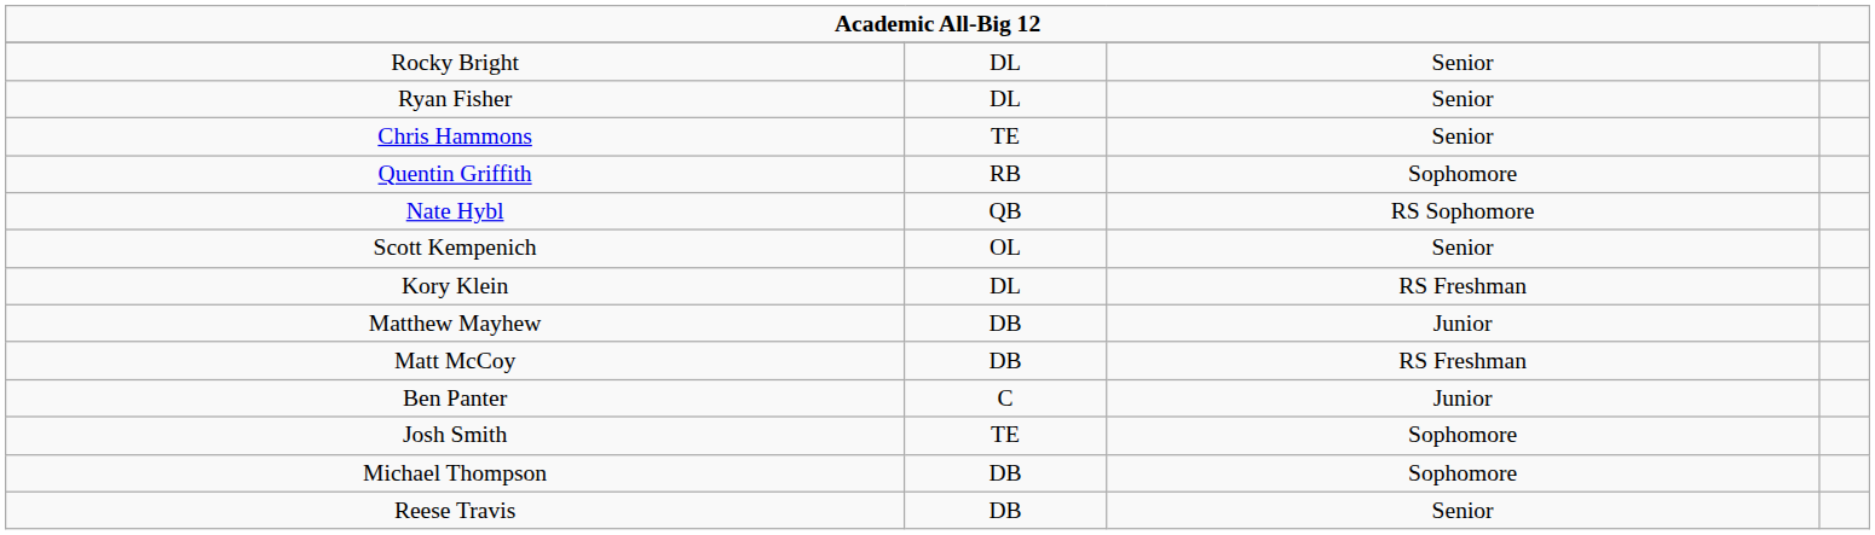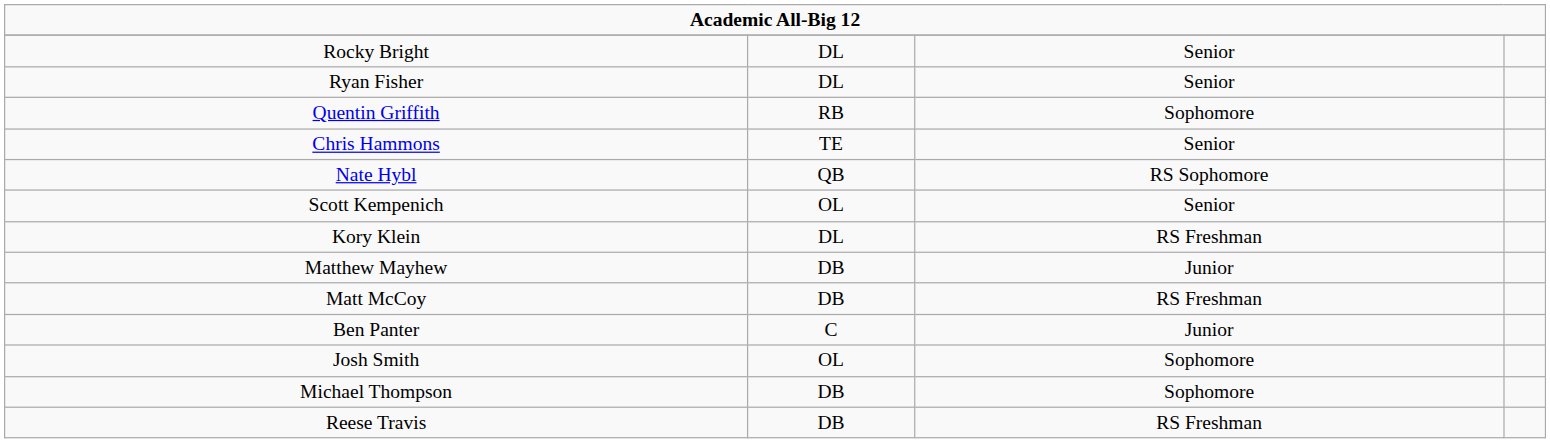 <table class="wikitable" style="width:100%;text-align: center;">
 <tr>
 <td colspan=4><strong>Academic All-Big 12</strong></td>
 </tr>
 <tr>
 </tr>
 <tr align="center">
 <td>Rocky Bright</td>
 <td>DL</td>
 <td>Senior</td>
 <td></td>
 </tr>
 <tr align="center">
 <td>Ryan Fisher</td>
 <td>DL</td>
 <td>Senior</td>
 <td></td>
 </tr>
 <tr align="center">
+<td><a href='#'>Quentin Griffith</a></td>
+<td>RB</td>
+<td>Sophomore</td>
+<td></td>
+</tr>
+<tr align="center">
 <td><a href='#'>Chris Hammons</a></td>
 <td>TE</td>
 <td>Senior</td>
-<td></td>
-</tr>
-<tr align="center">
-<td><a href='#'>Quentin Griffith</a></td>
-<td>RB</td>
-<td>Sophomore</td>
 <td></td>
 </tr>
 <tr align="center">
 <td><a href='#'>Nate Hybl</a></td>
 <td>QB</td>
 <td>RS Sophomore</td>
 <td></td>
 </tr>
 <tr align="center">
 <td>Scott Kempenich</td>
 <td>OL</td>
 <td>Senior</td>
 <td></td>
 </tr>
 <tr align="center">
 <td>Kory Klein</td>
 <td>DL</td>
 <td>RS Freshman</td>
 <td></td>
 </tr>
 <tr align="center">
 <td>Matthew Mayhew</td>
 <td>DB</td>
 <td>Junior</td>
 <td></td>
 </tr>
 <tr align="center">
 <td>Matt McCoy</td>
 <td>DB</td>
 <td>RS Freshman</td>
 <td></td>
 </tr>
 <tr align="center">
 <td>Ben Panter</td>
 <td>C</td>
 <td>Junior</td>
 <td></td>
 </tr>
 <tr align="center">
 <td>Josh Smith</td>
-<td>TE</td>
+<td>OL</td>
 <td>Sophomore</td>
 <td></td>
 </tr>
 <tr align="center">
 <td>Michael Thompson</td>
 <td>DB</td>
 <td>Sophomore</td>
 <td></td>
 </tr>
 <tr align="center">
 <td>Reese Travis</td>
 <td>DB</td>
-<td>Senior</td>
+<td>RS Freshman</td>
 <td></td>
 </tr>
 </table>
